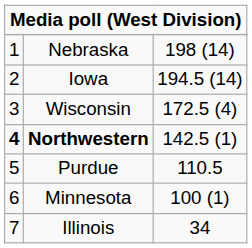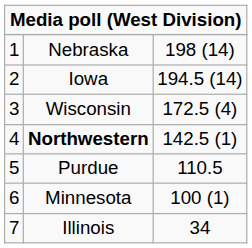 <table class="wikitable" style="display: inline-table;">
 <tr>
 <td align="center" Colspan="3"><strong>Media poll (West Division)</strong></td>
 </tr>
 <tr align="center">
 </tr>
 <tr align="center">
 <td>1</td>
 <td>Nebraska</td>
 <td>198 (14)</td>
 </tr>
 <tr align="center">
 <td>2</td>
 <td>Iowa</td>
 <td>194.5 (14)</td>
 </tr>
 <tr align="center">
 <td>3</td>
 <td>Wisconsin</td>
 <td>172.5 (4)</td>
 </tr>
 <tr align="center">
-<td><strong>4</strong></td>
+<td>4</td>
 <td><strong>Northwestern</strong></td>
 <td>142.5 (1)</td>
 </tr>
 <tr align="center">
 <td>5</td>
 <td>Purdue</td>
 <td>110.5</td>
 </tr>
 <tr align="center">
 <td>6</td>
 <td>Minnesota</td>
 <td>100 (1)</td>
 </tr>
 <tr align="center">
 <td>7</td>
 <td>Illinois</td>
 <td>34</td>
 </tr>
 </table>
